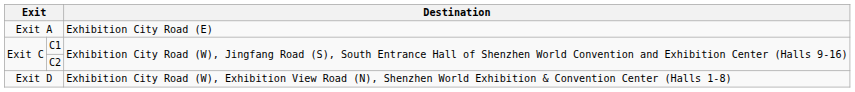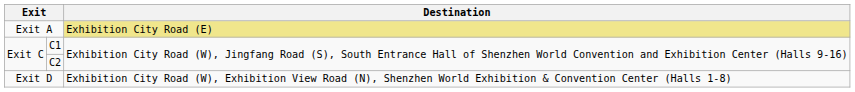 <table class="wikitable">
 <tr>
 <th style="width:70px" colspan=2>Exit</th>
 <th>Destination</th>
 </tr>
 <tr>
 <td align=center colspan=2>Exit A</td>
-<td>Exhibition City Road (E)</td>
+<td style="background: khaki;">Exhibition City Road (E)</td>
 </tr>
 <tr>
 <td align=center rowspan=2>Exit C</td>
 <td>C1</td>
 <td rowspan=2>Exhibition City Road (W), Jingfang Road (S), South Entrance Hall of Shenzhen World Convention and Exhibition Center (Halls 9-16)</td>
 </tr>
 <tr>
 <td>C2</td>
 </tr>
 <tr>
 <td align=center colspan=2>Exit D</td>
 <td>Exhibition City Road (W), Exhibition View Road (N), Shenzhen World Exhibition & Convention Center (Halls 1-8)</td>
 </tr>
 </table>
